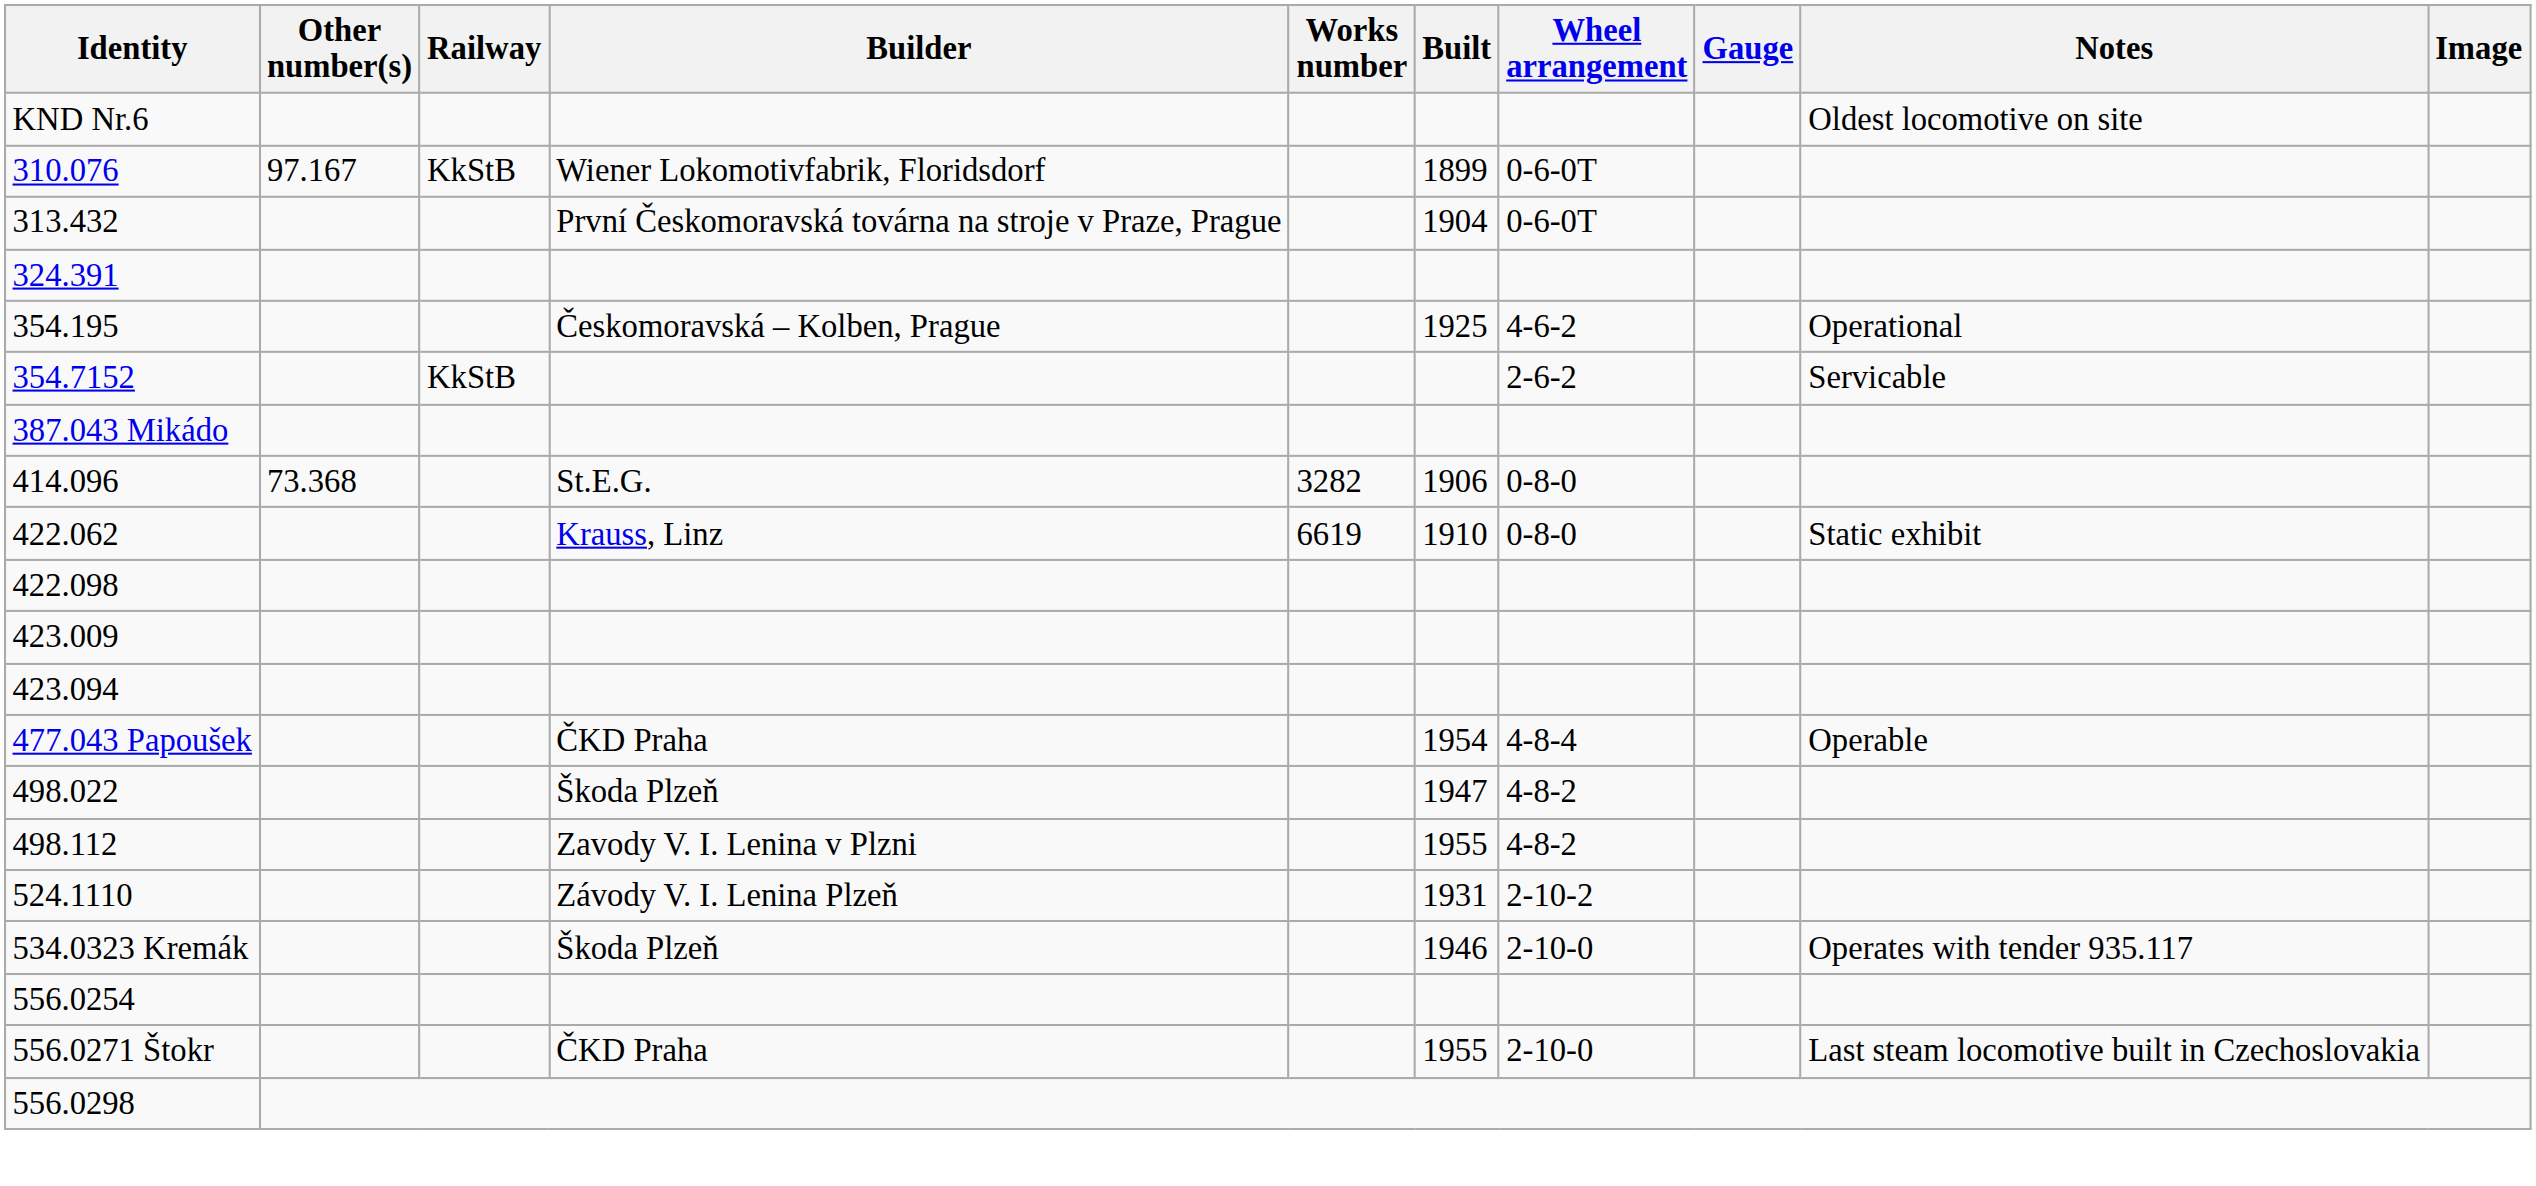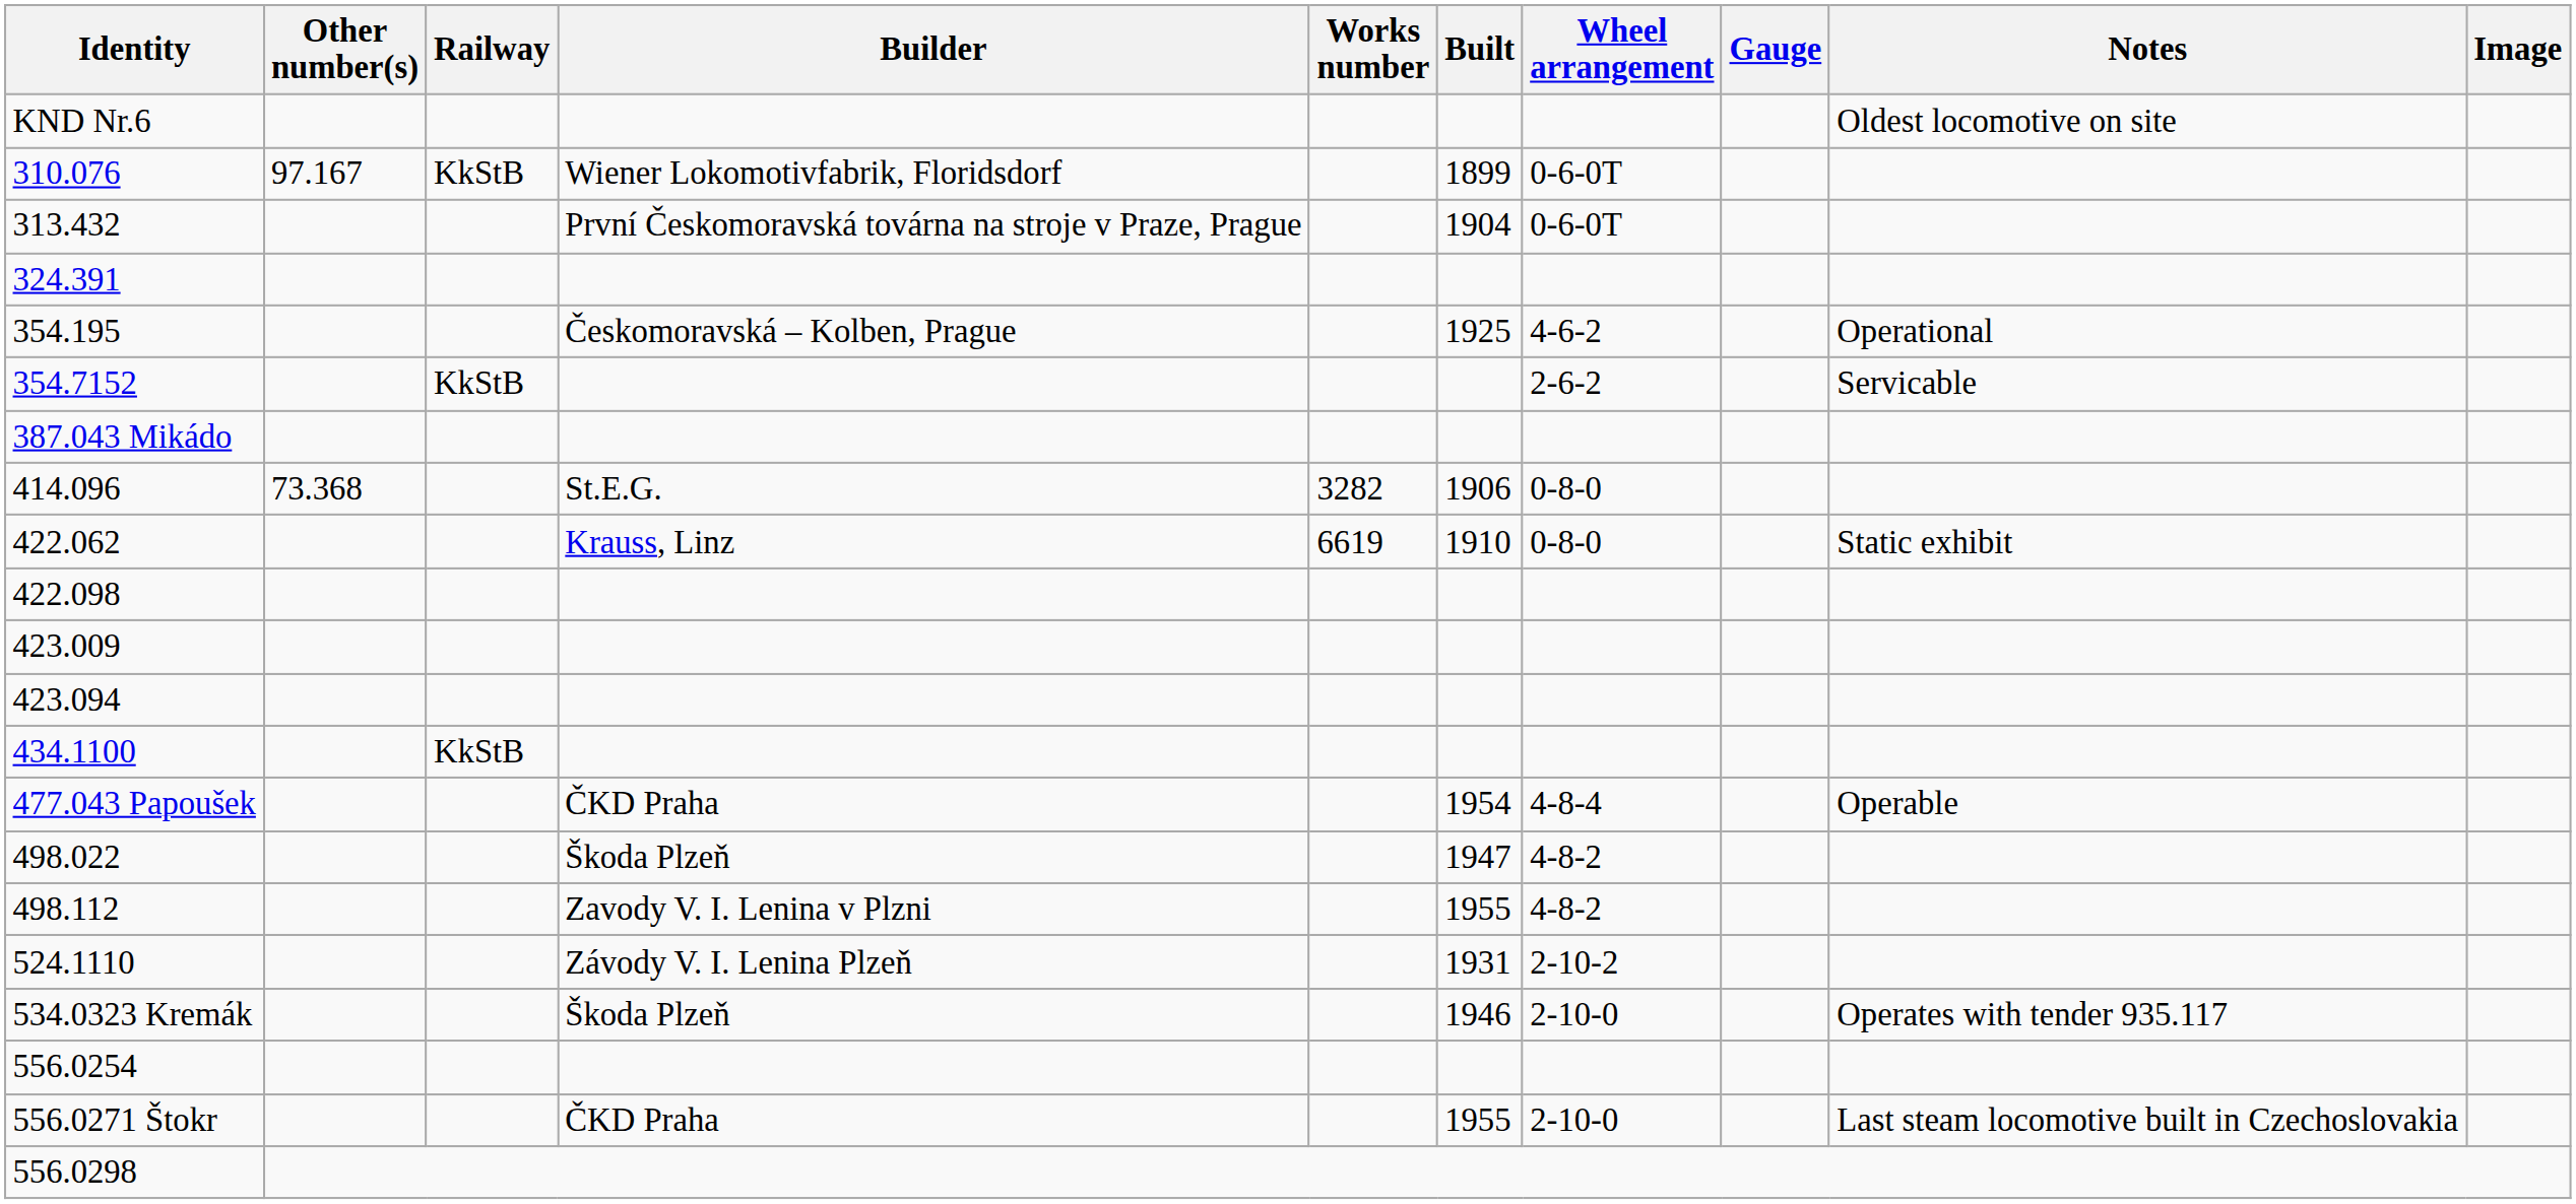 <table class="wikitable sortable">
 <tr>
 <th>Identity</th>
 <th>Other<br>number(s)</th>
 <th>Railway</th>
 <th>Builder</th>
 <th>Works<br>number</th>
 <th>Built</th>
 <th><a href='#'>Wheel<br>arrange­ment</a></th>
 <th scope="col" width="5px"><a href='#'>Gauge</a></th>
 <th>Notes</th>
 <th>Image</th>
 </tr>
 <tr>
 <td>KND Nr.6</td>
 <td></td>
 <td></td>
 <td></td>
 <td></td>
 <td></td>
 <td></td>
 <td></td>
 <td>Oldest locomotive on site</td>
 <td></td>
 </tr>
 <tr>
 <td><a href='#'>310.076</a></td>
 <td>97.167</td>
 <td>KkStB</td>
 <td>Wiener Lokomotivfabrik, Floridsdorf</td>
 <td></td>
 <td>1899</td>
 <td>0-6-0T</td>
 <td></td>
 <td></td>
 <td></td>
 </tr>
 <tr>
 <td>313.432</td>
 <td></td>
 <td></td>
 <td>První Českomoravská továrna na stroje v Praze, Prague</td>
 <td></td>
 <td>1904</td>
 <td>0-6-0T</td>
 <td></td>
 <td></td>
 <td></td>
 </tr>
 <tr>
 <td><a href='#'>324.391</a></td>
 <td></td>
 <td></td>
 <td></td>
 <td></td>
 <td></td>
 <td></td>
 <td></td>
 <td></td>
 <td></td>
 </tr>
 <tr>
 <td>354.195</td>
 <td></td>
 <td></td>
 <td>Českomoravská – Kolben, Prague</td>
 <td></td>
 <td>1925</td>
 <td>4-6-2</td>
 <td></td>
 <td>Operational</td>
 <td></td>
 </tr>
 <tr>
 <td><a href='#'>354.7152</a></td>
 <td></td>
 <td>KkStB</td>
 <td></td>
 <td></td>
 <td></td>
 <td>2-6-2</td>
 <td></td>
 <td>Servicable</td>
 <td></td>
 </tr>
 <tr>
 <td><a href='#'>387.043 Mikádo</a></td>
 <td></td>
 <td></td>
 <td></td>
 <td></td>
 <td></td>
 <td></td>
 <td></td>
 <td></td>
 <td></td>
 </tr>
 <tr>
 <td>414.096</td>
 <td>73.368</td>
 <td></td>
 <td>St.E.G.</td>
 <td>3282</td>
 <td>1906</td>
 <td>0-8-0</td>
 <td></td>
 <td></td>
 <td></td>
 </tr>
 <tr>
 <td>422.062</td>
 <td></td>
 <td></td>
 <td><a href='#'>Krauss</a>, Linz</td>
 <td>6619</td>
 <td>1910</td>
 <td>0-8-0</td>
 <td></td>
 <td>Static exhibit </td>
 <td></td>
 </tr>
 <tr>
 <td>422.098</td>
 <td></td>
 <td></td>
 <td></td>
 <td></td>
 <td></td>
 <td></td>
 <td></td>
 <td></td>
 <td></td>
 </tr>
 <tr>
 <td>423.009</td>
 <td></td>
 <td></td>
 <td></td>
 <td></td>
 <td></td>
 <td></td>
 <td></td>
 <td></td>
 <td></td>
 </tr>
 <tr>
 <td>423.094</td>
 <td></td>
 <td></td>
 <td></td>
 <td></td>
 <td></td>
 <td></td>
 <td></td>
 <td></td>
 <td></td>
 </tr>
 <tr>
+<td><a href='#'>434.1100</a></td>
+<td></td>
+<td>KkStB</td>
+<td></td>
+<td></td>
+<td></td>
+<td></td>
+<td></td>
+<td></td>
+<td></td>
+</tr>
+<tr>
 <td><a href='#'>477.043 Papoušek</a></td>
 <td></td>
 <td></td>
 <td>ČKD Praha</td>
 <td></td>
 <td>1954</td>
 <td>4-8-4</td>
 <td></td>
 <td>Operable </td>
 <td></td>
 </tr>
 <tr>
 <td>498.022</td>
 <td></td>
 <td></td>
 <td>Škoda Plzeň</td>
 <td></td>
 <td>1947</td>
 <td>4-8-2</td>
 <td></td>
 <td></td>
 <td></td>
 </tr>
 <tr>
 <td>498.112</td>
 <td></td>
 <td></td>
 <td>Zavody V. I. Lenina v Plzni</td>
 <td></td>
 <td>1955</td>
 <td>4-8-2</td>
 <td></td>
 <td></td>
 <td></td>
 </tr>
 <tr>
 <td>524.1110</td>
 <td></td>
 <td></td>
 <td>Závody V. I. Lenina Plzeň</td>
 <td></td>
 <td>1931</td>
 <td>2-10-2</td>
 <td></td>
 <td></td>
 <td></td>
 </tr>
 <tr>
 <td>534.0323 Kremák</td>
 <td></td>
 <td></td>
 <td>Škoda Plzeň</td>
 <td></td>
 <td>1946</td>
 <td>2-10-0</td>
 <td></td>
 <td>Operates with tender 935.117 </td>
 <td></td>
 </tr>
 <tr>
 <td>556.0254</td>
 <td></td>
 <td></td>
 <td></td>
 <td></td>
 <td></td>
 <td></td>
 <td></td>
 <td></td>
 </tr>
 <tr>
 <td>556.0271 Štokr</td>
 <td></td>
 <td></td>
 <td>ČKD Praha</td>
 <td></td>
 <td>1955</td>
 <td>2-10-0</td>
 <td></td>
 <td>Last steam locomotive built in Czechoslovakia</td>
 <td></td>
 </tr>
 <tr>
 <td>556.0298</td>
 </tr>
 </table>
